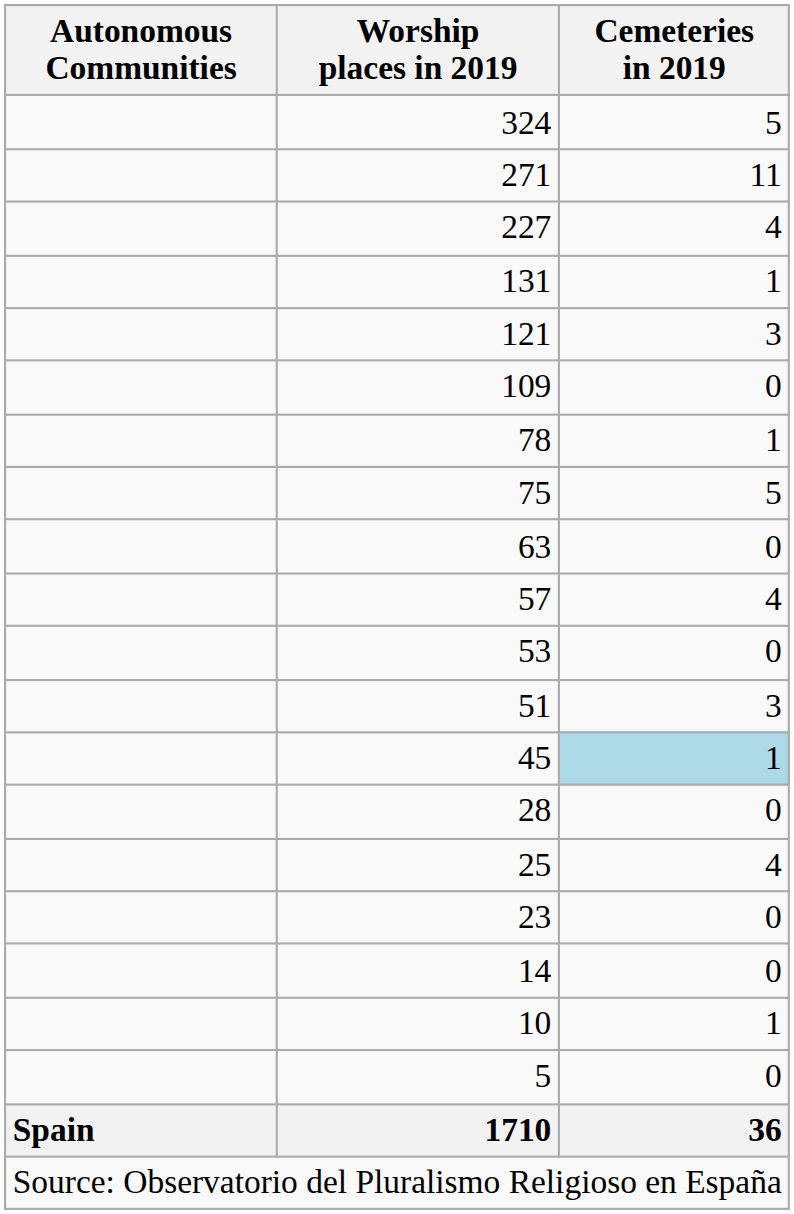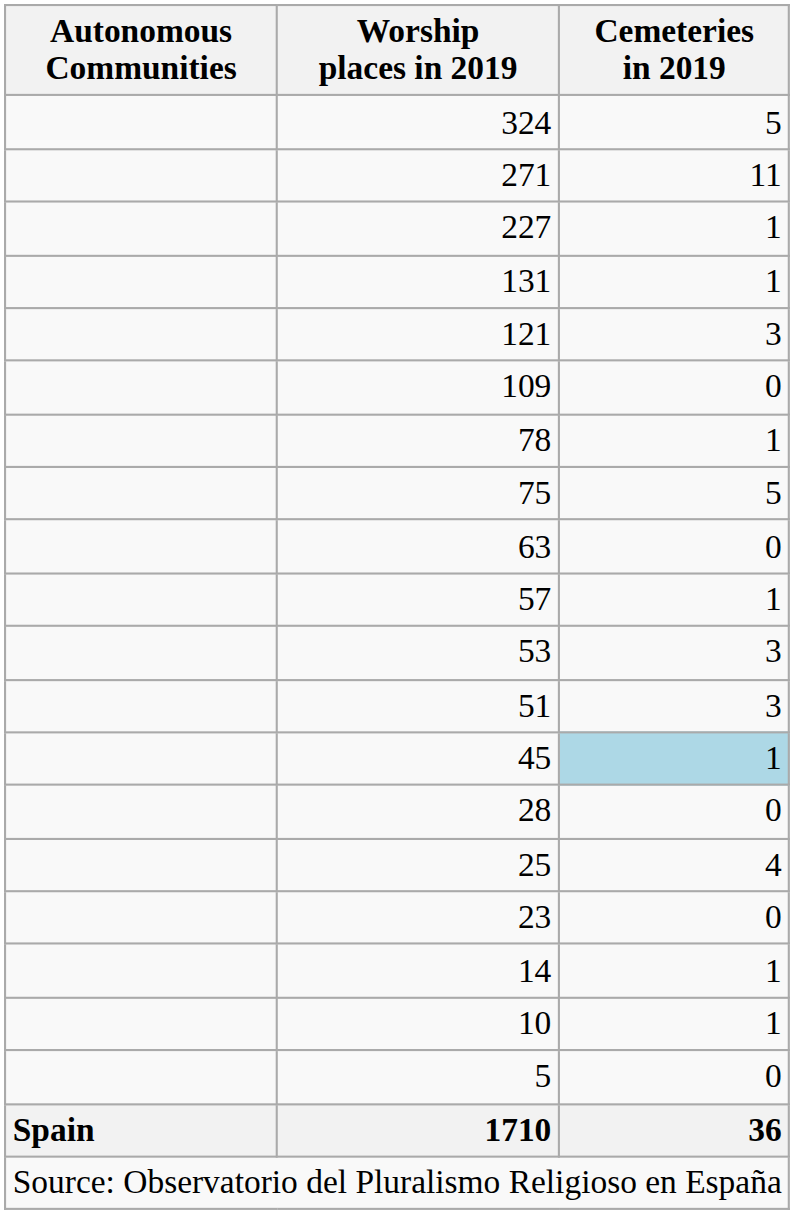 <table class="wikitable sortable">
 <tr>
 <th>Autonomous  <br> Communities</th>
 <th>Worship  <br> places in 2019</th>
 <th>Cemeteries  <br> in 2019</th>
 </tr>
 <tr>
 <td></td>
 <td style="text-align:right;">324</td>
 <td style="text-align:right;">5</td>
 </tr>
 <tr>
 <td></td>
 <td style="text-align:right;">271</td>
 <td style="text-align:right;">11</td>
 </tr>
 <tr>
 <td></td>
 <td style="text-align:right;">227</td>
-<td style="text-align:right;">4</td>
+<td style="text-align:right;">1</td>
 </tr>
 <tr>
 <td></td>
 <td style="text-align:right;">131</td>
 <td style="text-align:right;">1</td>
 </tr>
 <tr>
 <td></td>
 <td style="text-align:right;">121</td>
 <td style="text-align:right;">3</td>
 </tr>
 <tr>
 <td></td>
 <td style="text-align:right;">109</td>
 <td style="text-align:right;">0</td>
 </tr>
 <tr>
 <td></td>
 <td style="text-align:right;">78</td>
 <td style="text-align:right;">1</td>
 </tr>
 <tr>
 <td></td>
 <td style="text-align:right;">75</td>
 <td style="text-align:right;">5</td>
 </tr>
 <tr>
 <td></td>
 <td style="text-align:right;">63</td>
 <td style="text-align:right;">0</td>
 </tr>
 <tr>
 <td></td>
 <td style="text-align:right;">57</td>
-<td style="text-align:right;">4</td>
+<td style="text-align:right;">1</td>
 </tr>
 <tr>
 <td></td>
 <td style="text-align:right;">53</td>
-<td style="text-align:right;">0</td>
+<td style="text-align:right;">3</td>
 </tr>
 <tr>
 <td></td>
 <td style="text-align:right;">51</td>
 <td style="text-align:right;">3</td>
 </tr>
 <tr>
 <td></td>
 <td style="text-align:right;">45</td>
 <td style="background: lightblue; text-align:right;">1</td>
 </tr>
 <tr>
 <td></td>
 <td style="text-align:right;">28</td>
 <td style="text-align:right;">0</td>
 </tr>
 <tr>
 <td></td>
 <td style="text-align:right;">25</td>
 <td style="text-align:right;">4</td>
 </tr>
 <tr>
 <td></td>
 <td style="text-align:right;">23</td>
 <td style="text-align:right;">0</td>
 </tr>
 <tr>
 <td></td>
 <td style="text-align:right;">14</td>
-<td style="text-align:right;">0</td>
+<td style="text-align:right;">1</td>
 </tr>
 <tr>
 <td></td>
 <td style="text-align:right;">10</td>
 <td style="text-align:right;">1</td>
 </tr>
 <tr>
 <td></td>
 <td style="text-align:right;">5</td>
 <td style="text-align:right;">0</td>
 </tr>
 <tr>
 <th style="text-align:left;">Spain</th>
 <th style="text-align:right;">1710</th>
 <th style="text-align:right;">36</th>
 </tr>
 <tr>
 <td colspan="3">Source: Observatorio del Pluralismo Religioso en España</td>
 </tr>
 </table>
